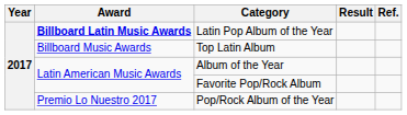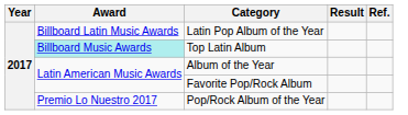 <table class="wikitable plainrowheaders">
 <tr>
 <th>Year</th>
 <th>Award</th>
 <th>Category</th>
 <th>Result</th>
 <th>Ref.</th>
 </tr>
 <tr>
 <th rowspan="6" style="text-align:center;" scope="row">2017</th>
-<td><strong><a href='#'>Billboard Latin Music Awards</a></strong></td>
+<td><a href='#'>Billboard Latin Music Awards</a></td>
 <td>Latin Pop Album of the Year</td>
 <td></td>
 <td></td>
 </tr>
 <tr>
-<td><a href='#'>Billboard Music Awards</a></td>
+<td style="background: paleturquoise;"><a href='#'>Billboard Music Awards</a></td>
 <td>Top Latin Album</td>
 <td></td>
 <td></td>
 </tr>
 <tr>
 <td rowspan=2><a href='#'>Latin American Music Awards</a></td>
 <td>Album of the Year</td>
 <td></td>
 <td></td>
 </tr>
 <tr>
 <td>Favorite Pop/Rock Album</td>
 <td></td>
 <td></td>
 </tr>
 <tr>
 <td><a href='#'>Premio Lo Nuestro 2017</a></td>
 <td>Pop/Rock Album of the Year</td>
 <td></td>
 <td></td>
 </tr>
 </table>
